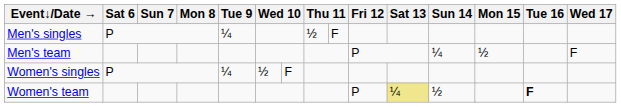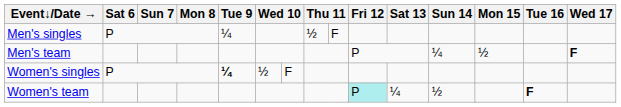 <table class="wikitable olympic-schedule table-tennis">
 <tr>
 <th>Event↓/Date →</th>
 <th>Sat 6</th>
 <th>Sun 7</th>
 <th>Mon 8</th>
 <th>Tue 9</th>
 <th colspan=2>Wed 10</th>
 <th colspan=2>Thu 11</th>
 <th>Fri 12</th>
 <th>Sat 13</th>
 <th colspan=2>Sun 14</th>
 <th colspan=2>Mon 15</th>
 <th>Tue 16</th>
 <th>Wed 17</th>
 </tr>
 <tr>
 <td class="event"><a href='#'>Men's singles</a></td>
 <td colspan=3 class="prelims">P</td>
 <td class="quarterfinals">¼</td>
 <td colspan=2></td>
 <td class="semifinals">½</td>
 <td class="final">F</td>
 <td></td>
 <td></td>
 <td colspan=2></td>
 <td colspan=2></td>
 <td></td>
 <td></td>
 </tr>
 <tr>
 <td class="event"><a href='#'>Men's team</a></td>
 <td></td>
 <td></td>
 <td></td>
 <td></td>
 <td colspan=2></td>
 <td colspan=2></td>
 <td colspan=2 class="prelims">P</td>
 <td colspan=2 class="quarterfinals">¼</td>
 <td colspan=2 class="semifinals">½</td>
 <td></td>
-<td class="final">F</td>
+<td class="final"><strong>F</strong></td>
 </tr>
 <tr>
 <td class="event"><a href='#'>Women's singles</a></td>
 <td colspan=3 class="prelims">P</td>
-<td class="quarterfinals">¼</td>
+<td class="quarterfinals"><strong>¼</strong></td>
 <td class="semifinals">½</td>
 <td class="final">F</td>
 <td colspan=2></td>
 <td></td>
 <td></td>
 <td colspan=2></td>
 <td colspan=2></td>
 <td></td>
 <td></td>
 </tr>
 <tr>
 <td class="event"><a href='#'>Women's team</a></td>
 <td></td>
 <td></td>
 <td></td>
 <td></td>
 <td colspan=2></td>
 <td colspan=2></td>
-<td class="prelims">P</td>
-<td class="quarterfinals" style="background: khaki;">¼</td>
+<td class="prelims" style="background: paleturquoise;">P</td>
+<td class="quarterfinals">¼</td>
 <td colspan=2 class="semifinals">½</td>
 <td colspan=2></td>
 <td class="final"><strong>F</strong></td>
 <td></td>
 </tr>
 </table>
